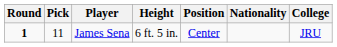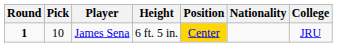 <table class="wikitable sortable sortable">
 <tr>
 <th>Round</th>
 <th>Pick</th>
 <th>Player</th>
 <th>Height</th>
 <th>Position</th>
 <th>Nationality</th>
 <th>College</th>
 </tr>
 <tr style="text-align: center">
 <td><strong>1</strong></td>
-<td>11</td>
+<td>10</td>
 <td><a href='#'>James Sena</a></td>
 <td>6 ft. 5 in.</td>
-<td><a href='#'>Center</a></td>
+<td style="background: gold;"><a href='#'>Center</a></td>
 <td></td>
 <td><a href='#'>JRU</a></td>
 </tr>
 </table>
